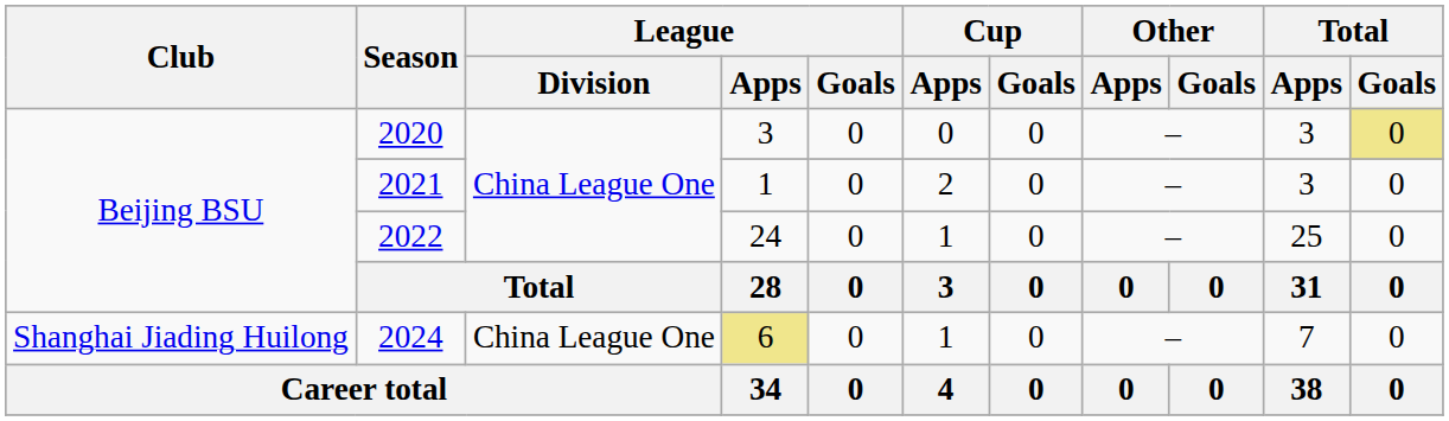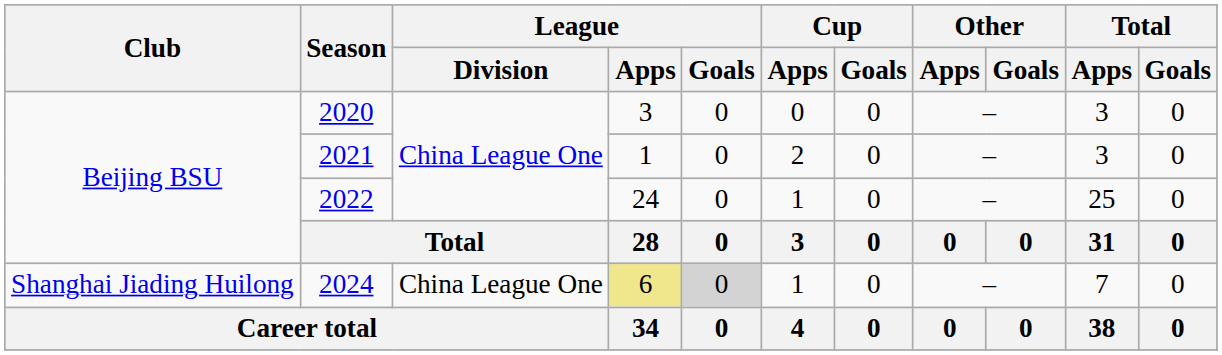 <table class="wikitable" style="text-align: center">
 <tr>
 <th rowspan="2">Club</th>
 <th rowspan="2">Season</th>
 <th colspan="3">League</th>
 <th colspan="2">Cup</th>
 <th colspan="2">Other</th>
 <th colspan="2">Total</th>
 </tr>
 <tr>
 <th>Division</th>
 <th>Apps</th>
 <th>Goals</th>
 <th>Apps</th>
 <th>Goals</th>
 <th>Apps</th>
 <th>Goals</th>
 <th>Apps</th>
 <th>Goals</th>
 </tr>
 <tr>
 <td rowspan="4"><a href='#'>Beijing BSU</a></td>
 <td><a href='#'>2020</a></td>
 <td rowspan="3"><a href='#'>China League One</a></td>
 <td>3</td>
 <td>0</td>
 <td>0</td>
 <td>0</td>
 <td colspan="2">–</td>
 <td>3</td>
-<td style="background: khaki;">0</td>
+<td>0</td>
 </tr>
 <tr>
 <td><a href='#'>2021</a></td>
 <td>1</td>
 <td>0</td>
 <td>2</td>
 <td>0</td>
 <td colspan="2">–</td>
 <td>3</td>
 <td>0</td>
 </tr>
 <tr>
 <td><a href='#'>2022</a></td>
 <td>24</td>
 <td>0</td>
 <td>1</td>
 <td>0</td>
 <td colspan="2">–</td>
 <td>25</td>
 <td>0</td>
 </tr>
 <tr>
 <th colspan=2>Total</th>
 <th>28</th>
 <th>0</th>
 <th>3</th>
 <th>0</th>
 <th>0</th>
 <th>0</th>
 <th>31</th>
 <th>0</th>
 </tr>
 <tr>
 <td><a href='#'>Shanghai Jiading Huilong</a></td>
 <td><a href='#'>2024</a></td>
 <td>China League One</td>
 <td style="background: khaki;">6</td>
-<td>0</td>
+<td style="background: lightgrey;">0</td>
 <td>1</td>
 <td>0</td>
 <td colspan="2">–</td>
 <td>7</td>
 <td>0</td>
 </tr>
 <tr>
 <th colspan=3>Career total</th>
 <th>34</th>
 <th>0</th>
 <th>4</th>
 <th>0</th>
 <th>0</th>
 <th>0</th>
 <th>38</th>
 <th>0</th>
 </tr>
 </table>
